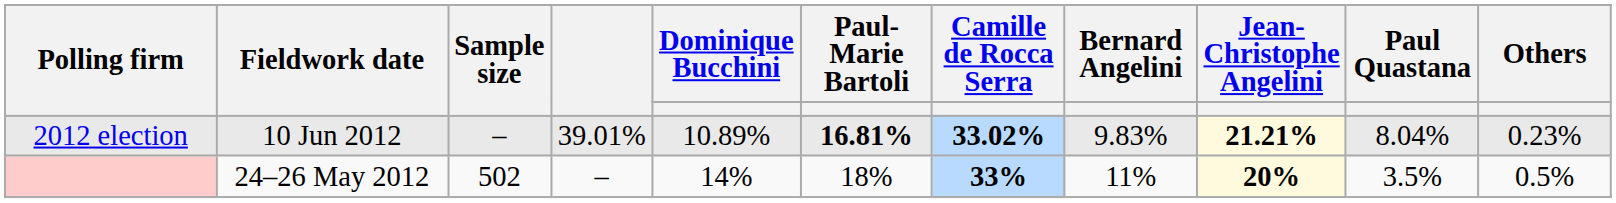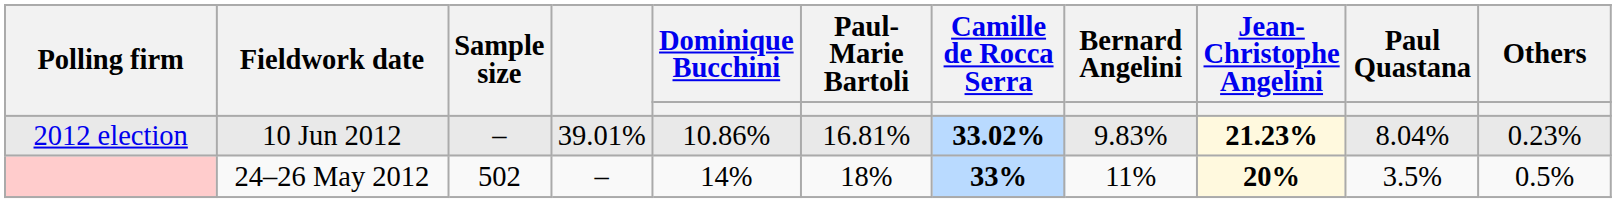 <table class="wikitable sortable" style="text-align:center;font-size:90%;line-height:14px;">
 <tr style="height:40px;">
 <th style="width:100px;" rowspan="2">Polling firm</th>
 <th style="width:110px;" rowspan="2">Fieldwork date</th>
 <th style="width:35px;" rowspan="2">Sample<br>size</th>
 <th style="width:30px;" rowspan="2"></th>
 <th class="unsortable" style="width:60px;"><a href='#'>Dominique Bucchini</a><br></th>
 <th class="unsortable" style="width:60px;">Paul-Marie Bartoli<br></th>
 <th class="unsortable" style="width:60px;"><a href='#'>Camille de Rocca Serra</a><br></th>
 <th class="unsortable" style="width:60px;">Bernard Angelini<br></th>
 <th class="unsortable" style="width:60px;"><a href='#'>Jean-Christophe Angelini</a><br></th>
 <th class="unsortable" style="width:60px;">Paul Quastana<br></th>
 <th class="unsortable" style="width:60px;">Others</th>
 </tr>
 <tr>
 <th style="background:"></th>
 <th style="background:"></th>
 <th style="background:"></th>
 <th style="background:"></th>
 <th style="background:"></th>
 <th style="background:"></th>
 <th style="background:"></th>
 </tr>
 <tr style="background:#E9E9E9;">
 <td><a href='#'>2012 election</a></td>
 <td data-sort-value="2012-06-10">10 Jun 2012</td>
 <td>–</td>
 <td>39.01%</td>
-<td>10.89%</td>
-<td><strong>16.81%</strong></td>
+<td>10.86%</td>
+<td>16.81%</td>
 <td style="background:#B9DAFF;"><strong>33.02%</strong></td>
 <td>9.83%</td>
-<td style="background:#FFF9DE;"><strong>21.21%</strong></td>
+<td style="background:#FFF9DE;"><strong>21.23%</strong></td>
 <td>8.04%</td>
 <td>0.23%</td>
 </tr>
 <tr>
 <td style="background:#FFCCCC;"></td>
 <td data-sort-value="2012-05-26">24–26 May 2012</td>
 <td>502</td>
 <td>–</td>
 <td>14%</td>
 <td>18%</td>
 <td style="background:#B9DAFF;"><strong>33%</strong></td>
 <td>11%</td>
 <td style="background:#FFF9DE;"><strong>20%</strong></td>
 <td>3.5%</td>
 <td>0.5%</td>
 </tr>
 </table>
